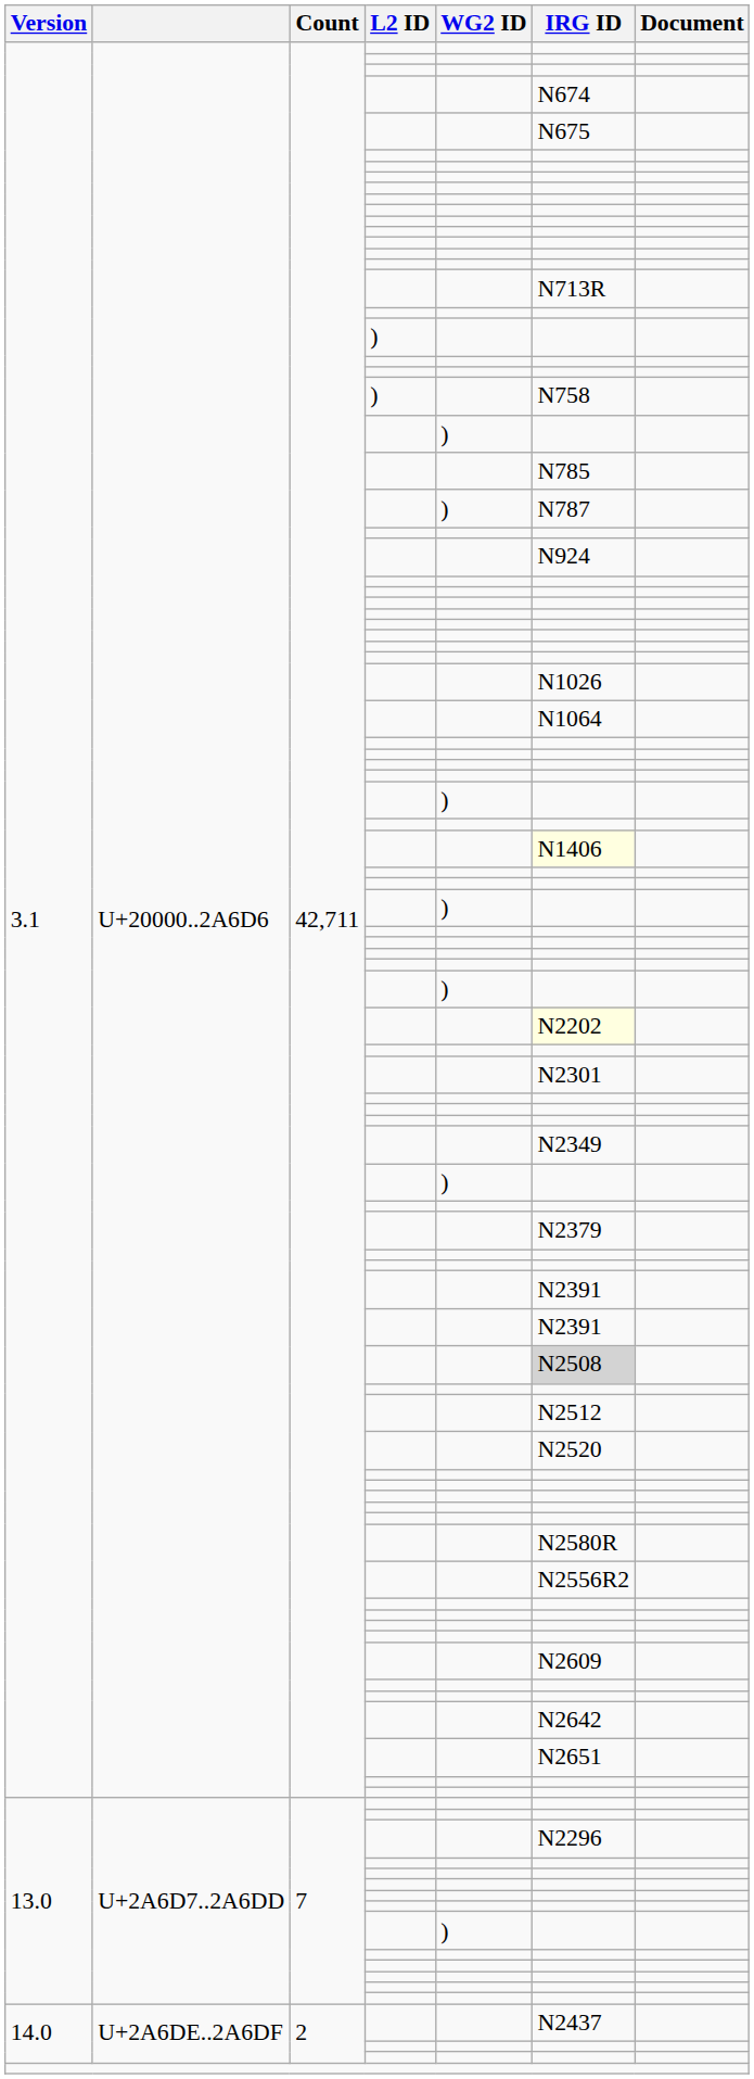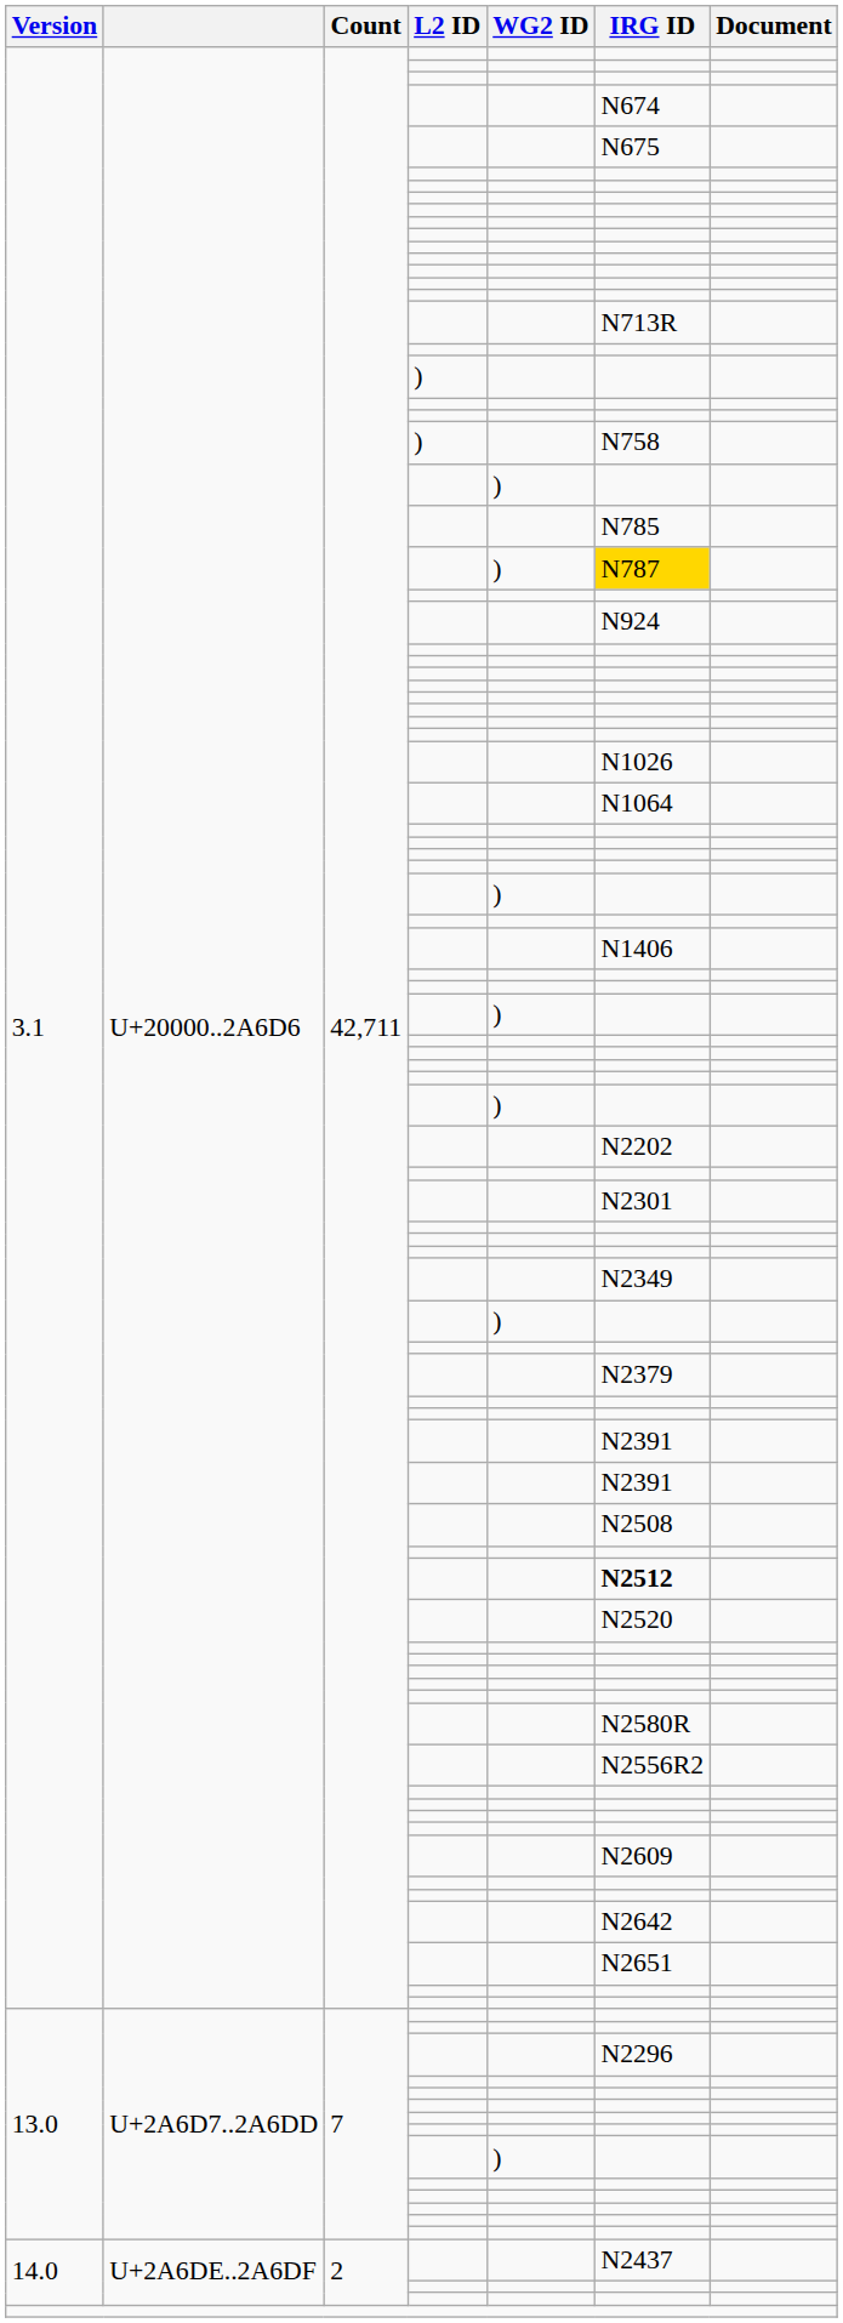 <table class="wikitable collapsible sticky-header">
 <tr>
 <th><a href='#'>Version</a></th>
 <th></th>
 <th>Count</th>
 <th><a href='#'>L2</a> ID</th>
 <th><a href='#'>WG2</a> ID</th>
 <th><a href='#'>IRG</a> ID</th>
 <th>Document</th>
 </tr>
 <tr>
 <td rowspan="88">3.1</td>
 <td rowspan="88">U+20000..2A6D6</td>
 <td rowspan="88">42,711</td>
 <td></td>
 <td></td>
 <td></td>
 <td></td>
 </tr>
 <tr>
 <td></td>
 <td></td>
 <td></td>
 <td></td>
 </tr>
 <tr>
 <td></td>
 <td></td>
 <td></td>
 <td></td>
 </tr>
 <tr>
 <td></td>
 <td></td>
 <td>N674</td>
 <td></td>
 </tr>
 <tr>
 <td></td>
 <td></td>
 <td>N675</td>
 <td></td>
 </tr>
 <tr>
 <td></td>
 <td></td>
 <td></td>
 <td></td>
 </tr>
 <tr>
 <td></td>
 <td></td>
 <td></td>
 <td></td>
 </tr>
 <tr>
 <td></td>
 <td></td>
 <td></td>
 <td></td>
 </tr>
 <tr>
 <td></td>
 <td></td>
 <td></td>
 <td></td>
 </tr>
 <tr>
 <td></td>
 <td></td>
 <td></td>
 <td></td>
 </tr>
 <tr>
 <td></td>
 <td></td>
 <td></td>
 <td></td>
 </tr>
 <tr>
 <td></td>
 <td></td>
 <td></td>
 <td></td>
 </tr>
 <tr>
 <td></td>
 <td></td>
 <td></td>
 <td></td>
 </tr>
 <tr>
 <td></td>
 <td></td>
 <td></td>
 <td></td>
 </tr>
 <tr>
 <td></td>
 <td></td>
 <td></td>
 <td></td>
 </tr>
 <tr>
 <td></td>
 <td></td>
 <td></td>
 <td></td>
 </tr>
 <tr>
 <td></td>
 <td></td>
 <td>N713R</td>
 <td></td>
 </tr>
 <tr>
 <td></td>
 <td></td>
 <td></td>
 <td></td>
 </tr>
 <tr>
 <td> )</td>
 <td></td>
 <td></td>
 <td></td>
 </tr>
 <tr>
 <td></td>
 <td></td>
 <td></td>
 <td></td>
 </tr>
 <tr>
 <td></td>
 <td></td>
 <td></td>
 <td></td>
 </tr>
 <tr>
 <td> )</td>
 <td></td>
 <td>N758</td>
 <td></td>
 </tr>
 <tr>
 <td></td>
 <td> )</td>
 <td></td>
 <td></td>
 </tr>
 <tr>
 <td></td>
 <td></td>
 <td>N785</td>
 <td></td>
 </tr>
 <tr>
 <td></td>
 <td> )</td>
-<td>N787</td>
+<td style="background: gold;">N787</td>
 <td></td>
 </tr>
 <tr>
 <td></td>
 <td></td>
 <td></td>
 <td></td>
 </tr>
 <tr>
 <td></td>
 <td></td>
 <td>N924</td>
 <td></td>
 </tr>
 <tr>
 <td></td>
 <td></td>
 <td></td>
 <td></td>
 </tr>
 <tr>
 <td></td>
 <td></td>
 <td></td>
 <td></td>
 </tr>
 <tr>
 <td></td>
 <td></td>
 <td></td>
 <td></td>
 </tr>
 <tr>
 <td></td>
 <td></td>
 <td></td>
 <td></td>
 </tr>
 <tr>
 <td></td>
 <td></td>
 <td></td>
 <td></td>
 </tr>
 <tr>
 <td></td>
 <td></td>
 <td></td>
 <td></td>
 </tr>
 <tr>
 <td></td>
 <td></td>
 <td></td>
 <td></td>
 </tr>
 <tr>
 <td></td>
 <td></td>
 <td></td>
 <td></td>
 </tr>
 <tr>
 <td></td>
 <td></td>
 <td>N1026</td>
 <td></td>
 </tr>
 <tr>
 <td></td>
 <td></td>
 <td>N1064</td>
 <td></td>
 </tr>
 <tr>
 <td></td>
 <td></td>
 <td></td>
 <td></td>
 </tr>
 <tr>
 <td></td>
 <td></td>
 <td></td>
 <td></td>
 </tr>
 <tr>
 <td></td>
 <td></td>
 <td></td>
 <td></td>
 </tr>
 <tr>
 <td></td>
 <td></td>
 <td></td>
 <td></td>
 </tr>
 <tr>
 <td></td>
 <td> )</td>
 <td></td>
 <td></td>
 </tr>
 <tr>
 <td></td>
 <td></td>
 <td></td>
 <td></td>
 </tr>
 <tr>
 <td></td>
 <td></td>
-<td style="background: lightyellow;">N1406</td>
+<td>N1406</td>
 <td></td>
 </tr>
 <tr>
 <td></td>
 <td></td>
 <td></td>
 <td></td>
 </tr>
 <tr>
 <td></td>
 <td></td>
 <td></td>
 <td></td>
 </tr>
 <tr>
 <td></td>
 <td> )</td>
 <td></td>
 <td></td>
 </tr>
 <tr>
 <td></td>
 <td></td>
 <td></td>
 <td></td>
 </tr>
 <tr>
 <td></td>
 <td></td>
 <td></td>
 <td></td>
 </tr>
 <tr>
 <td></td>
 <td></td>
 <td></td>
 <td></td>
 </tr>
 <tr>
 <td></td>
 <td></td>
 <td></td>
 <td></td>
 </tr>
 <tr>
 <td></td>
 <td> )</td>
 <td></td>
 <td></td>
 </tr>
 <tr>
 <td></td>
 <td></td>
-<td style="background: lightyellow;">N2202</td>
+<td>N2202</td>
 <td></td>
 </tr>
 <tr>
 <td></td>
 <td></td>
 <td></td>
 <td></td>
 </tr>
 <tr>
 <td></td>
 <td></td>
 <td>N2301</td>
 <td></td>
 </tr>
 <tr>
 <td></td>
 <td></td>
 <td></td>
 <td></td>
 </tr>
 <tr>
 <td></td>
 <td></td>
 <td></td>
 <td></td>
 </tr>
 <tr>
 <td></td>
 <td></td>
 <td></td>
 <td></td>
 </tr>
 <tr>
 <td></td>
 <td></td>
 <td>N2349</td>
 <td></td>
 </tr>
 <tr>
 <td></td>
 <td> )</td>
 <td></td>
 <td></td>
 </tr>
 <tr>
 <td></td>
 <td></td>
 <td></td>
 <td></td>
 </tr>
 <tr>
 <td></td>
 <td></td>
 <td>N2379</td>
 <td></td>
 </tr>
 <tr>
 <td></td>
 <td></td>
 <td></td>
 <td></td>
 </tr>
 <tr>
 <td></td>
 <td></td>
 <td></td>
 <td></td>
 </tr>
 <tr>
 <td></td>
 <td></td>
 <td>N2391</td>
 <td></td>
 </tr>
 <tr>
 <td></td>
 <td></td>
 <td>N2391</td>
 <td></td>
 </tr>
 <tr>
 <td></td>
 <td></td>
-<td style="background: lightgrey;">N2508</td>
+<td>N2508</td>
 <td></td>
 </tr>
 <tr>
 <td></td>
 <td></td>
 <td></td>
 <td></td>
 </tr>
 <tr>
 <td></td>
 <td></td>
-<td>N2512</td>
+<td><strong>N2512</strong></td>
 <td></td>
 </tr>
 <tr>
 <td></td>
 <td></td>
 <td>N2520</td>
 <td></td>
 </tr>
 <tr>
 <td></td>
 <td></td>
 <td></td>
 <td></td>
 </tr>
 <tr>
 <td></td>
 <td></td>
 <td></td>
 <td></td>
 </tr>
 <tr>
 <td></td>
 <td></td>
 <td></td>
 <td></td>
 </tr>
 <tr>
 <td></td>
 <td></td>
 <td></td>
 <td></td>
 </tr>
 <tr>
 <td></td>
 <td></td>
 <td></td>
 <td></td>
 </tr>
 <tr>
 <td></td>
 <td></td>
 <td>N2580R</td>
 <td></td>
 </tr>
 <tr>
 <td></td>
 <td></td>
 <td>N2556R2</td>
 <td></td>
 </tr>
 <tr>
 <td></td>
 <td></td>
 <td></td>
 <td></td>
 </tr>
 <tr>
 <td></td>
 <td></td>
 <td></td>
 <td></td>
 </tr>
 <tr>
 <td></td>
 <td></td>
 <td></td>
 <td></td>
 </tr>
 <tr>
 <td></td>
 <td></td>
 <td></td>
 <td></td>
 </tr>
 <tr>
 <td></td>
 <td></td>
 <td>N2609</td>
 <td></td>
 </tr>
 <tr>
 <td></td>
 <td></td>
 <td></td>
 <td></td>
 </tr>
 <tr>
 <td></td>
 <td></td>
 <td></td>
 <td></td>
 </tr>
 <tr>
 <td></td>
 <td></td>
 <td>N2642</td>
 <td></td>
 </tr>
 <tr>
 <td></td>
 <td></td>
 <td>N2651</td>
 <td></td>
 </tr>
 <tr>
 <td></td>
 <td></td>
 <td></td>
 <td></td>
 </tr>
 <tr>
 <td></td>
 <td></td>
 <td></td>
 <td></td>
 </tr>
 <tr>
 <td rowspan="14">13.0</td>
 <td rowspan="14">U+2A6D7..2A6DD</td>
 <td rowspan="14">7</td>
 <td></td>
 <td></td>
 <td></td>
 <td></td>
 </tr>
 <tr>
 <td></td>
 <td></td>
 <td></td>
 <td></td>
 </tr>
 <tr>
 <td></td>
 <td></td>
 <td>N2296</td>
 <td></td>
 </tr>
 <tr>
 <td></td>
 <td></td>
 <td></td>
 <td></td>
 </tr>
 <tr>
 <td></td>
 <td></td>
 <td></td>
 <td></td>
 </tr>
 <tr>
 <td></td>
 <td></td>
 <td></td>
 <td></td>
 </tr>
 <tr>
 <td></td>
 <td></td>
 <td></td>
 <td></td>
 </tr>
 <tr>
 <td></td>
 <td></td>
 <td></td>
 <td></td>
 </tr>
 <tr>
 <td></td>
 <td> )</td>
 <td></td>
 <td></td>
 </tr>
 <tr>
 <td></td>
 <td></td>
 <td></td>
 <td></td>
 </tr>
 <tr>
 <td></td>
 <td></td>
 <td></td>
 <td></td>
 </tr>
 <tr>
 <td></td>
 <td></td>
 <td></td>
 <td></td>
 </tr>
 <tr>
 <td></td>
 <td></td>
 <td></td>
 <td></td>
 </tr>
 <tr>
 <td></td>
 <td></td>
 <td></td>
 <td></td>
 </tr>
 <tr>
 <td rowspan="3">14.0</td>
 <td rowspan="3">U+2A6DE..2A6DF</td>
 <td rowspan="3">2</td>
 <td></td>
 <td></td>
 <td>N2437</td>
 <td></td>
 </tr>
 <tr>
 <td></td>
 <td></td>
 <td></td>
 <td></td>
 </tr>
 <tr>
 <td></td>
 <td></td>
 <td></td>
 <td></td>
 </tr>
 <tr class="sortbottom">
 <td colspan="7"></td>
 </tr>
 </table>
